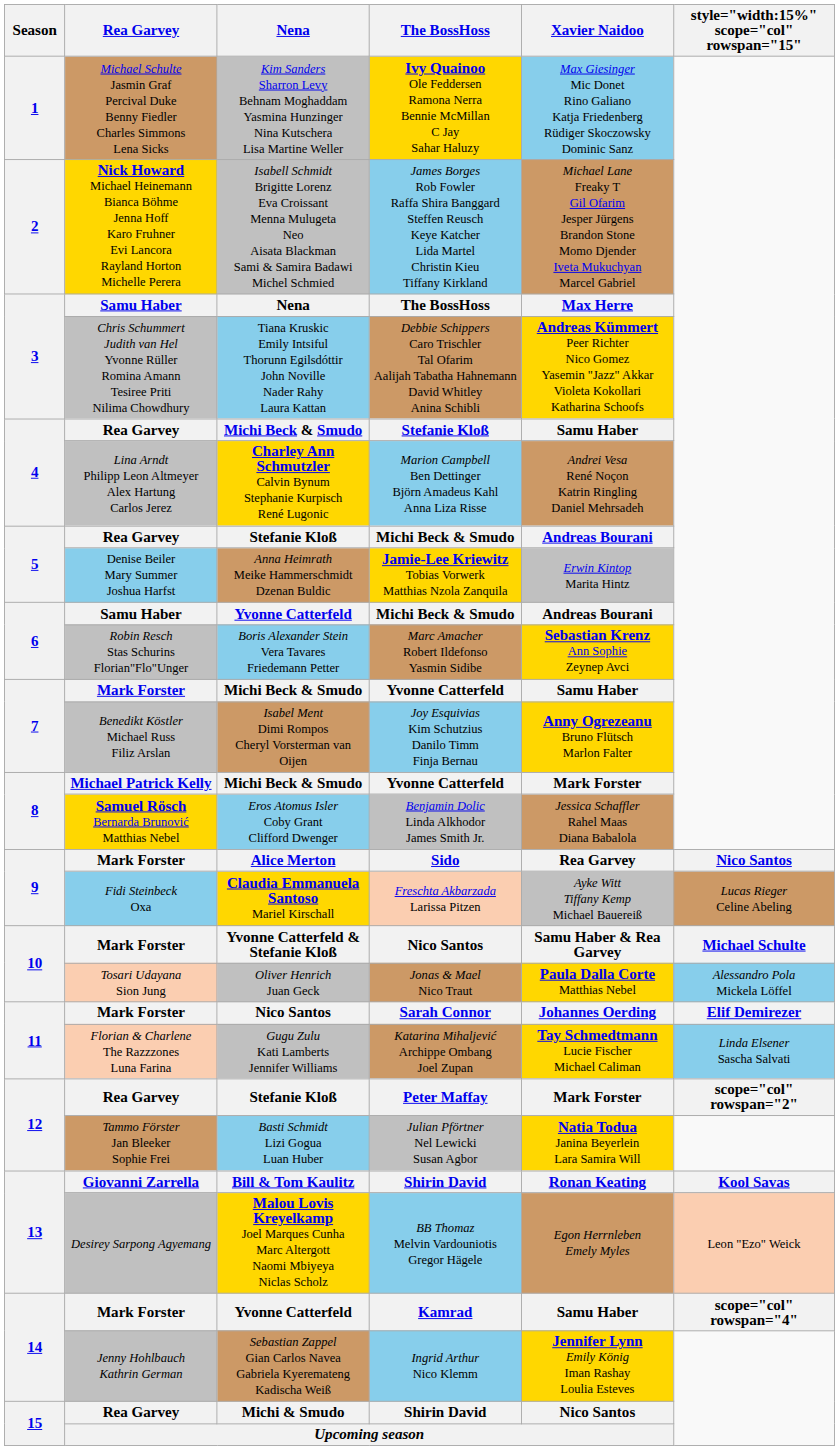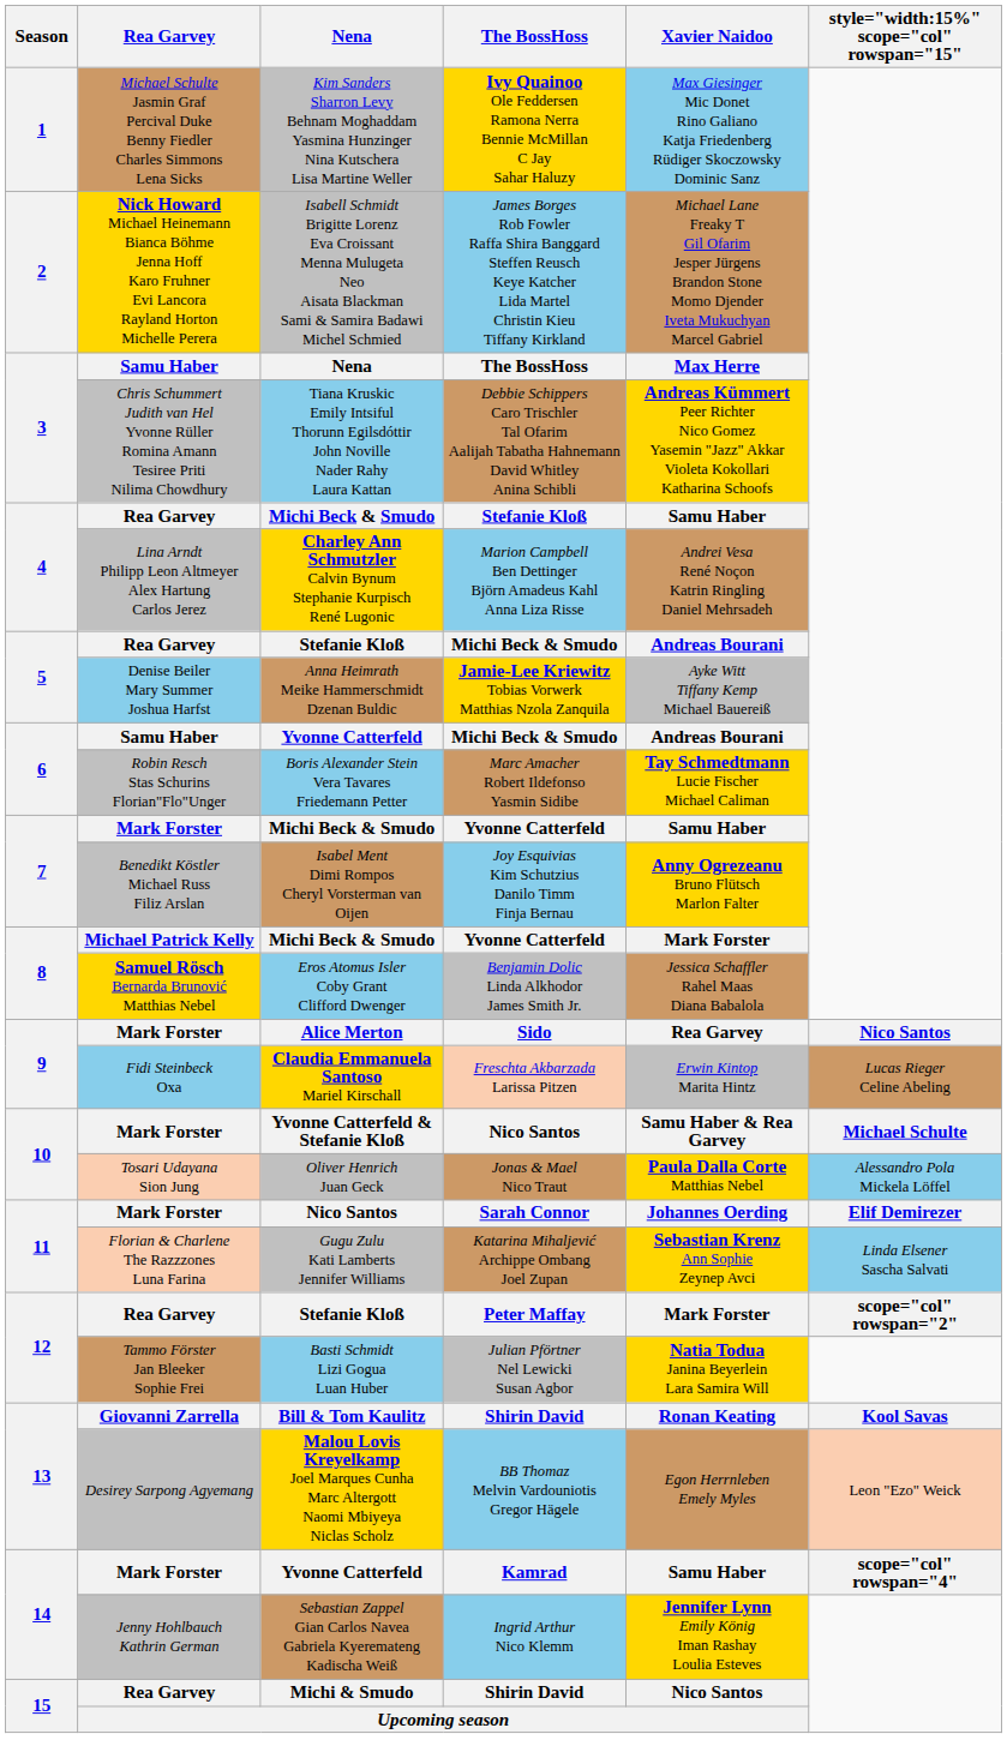 <table class="wikitable" style="text-align:center; line-height:16px; width:100%">
 <tr>
 <th style="width:05%">Season</th>
 <th style="width:15%" scope="col"><a href='#'>Rea Garvey</a></th>
 <th style="width:15%" scope="col"><a href='#'>Nena</a></th>
 <th style="width:15%" scope="col"><a href='#'>The BossHoss</a></th>
 <th style="width:15%" scope="col"><a href='#'>Xavier Naidoo</a></th>
 <th>style="width:15%" scope="col" rowspan="15" </th>
 </tr>
 <tr>
 <th scope="row"><a href='#'>1</a></th>
 <td style="background:#c96"><small><em><a href='#'>Michael Schulte</a></em><br>Jasmin Graf<br>Percival Duke<br>Benny Fiedler<br>Charles Simmons<br>Lena Sicks</small></td>
 <td style="background:silver"><small><em><a href='#'>Kim Sanders</a></em><br><a href='#'>Sharron Levy</a><br>Behnam Moghaddam<br>Yasmina Hunzinger<br>Nina Kutschera<br>Lisa Martine Weller</small></td>
 <td style="background:gold"><strong><a href='#'>Ivy Quainoo</a></strong><br><small>Ole Feddersen<br>Ramona Nerra<br>Bennie McMillan<br>C Jay<br>Sahar Haluzy</small></td>
 <td style="background:skyblue"><small><em><a href='#'>Max Giesinger</a></em><br>Mic Donet<br>Rino Galiano<br>Katja Friedenberg<br>Rüdiger Skoczowsky<br>Dominic Sanz</small></td>
 </tr>
 <tr>
 <th scope="row"><a href='#'>2</a></th>
 <td style="background:gold"><strong><a href='#'>Nick Howard</a></strong><br><small>Michael Heinemann<br>Bianca Böhme<br>Jenna Hoff<br>Karo Fruhner<br>Evi Lancora<br>Rayland Horton<br>Michelle Perera</small></td>
 <td style="background:silver"><small><em>Isabell Schmidt</em><br>Brigitte Lorenz<br>Eva Croissant<br>Menna Mulugeta<br>Neo<br>Aisata Blackman<br>Sami & Samira Badawi<br>Michel Schmied</small></td>
 <td style="background:skyblue"><small><em>James Borges</em><br>Rob Fowler<br>Raffa Shira Banggard<br>Steffen Reusch<br>Keye Katcher<br>Lida Martel<br>Christin Kieu<br>Tiffany Kirkland</small></td>
 <td style="background:#c96"><small><em>Michael Lane</em><br>Freaky T<br><a href='#'>Gil Ofarim</a><br>Jesper Jürgens<br>Brandon Stone<br>Momo Djender<br><a href='#'>Iveta Mukuchyan</a><br>Marcel Gabriel</small></td>
 </tr>
 <tr>
 <th rowspan="2" scope="row"><a href='#'>3</a></th>
 <th scope="col"><a href='#'>Samu Haber</a></th>
 <th scope="col">Nena</th>
 <th scope="col">The BossHoss</th>
 <th scope="col"><a href='#'>Max Herre</a></th>
 </tr>
 <tr>
 <td style="background:silver"><small><em>Chris Schummert</em><br><em>Judith van Hel</em><br>Yvonne Rüller<br>Romina Amann<br>Tesiree Priti<br>Nilima Chowdhury</small></td>
 <td style="background:skyblue"><small>Tiana Kruskic<br>Emily Intsiful<br>Thorunn Egilsdóttir<br>John Noville<br>Nader Rahy<br>Laura Kattan</small></td>
 <td style="background:#c96"><small><em>Debbie Schippers</em><br>Caro Trischler<br>Tal Ofarim<br>Aalijah Tabatha Hahnemann<br>David Whitley<br>Anina Schibli</small></td>
 <td style="background:gold"><strong><a href='#'>Andreas Kümmert</a></strong><br><small>Peer Richter<br>Nico Gomez<br>Yasemin "Jazz" Akkar<br>Violeta Kokollari<br>Katharina Schoofs</small></td>
 </tr>
 <tr>
 <th rowspan="2" scope="row"><a href='#'>4</a></th>
 <th scope="col">Rea Garvey</th>
 <th scope="col"><a href='#'>Michi Beck</a> & <a href='#'>Smudo</a></th>
 <th scope="col"><a href='#'>Stefanie Kloß</a></th>
 <th scope="col">Samu Haber</th>
 </tr>
 <tr>
 <td style="background:silver"><small><em>Lina Arndt</em><br>Philipp Leon Altmeyer<br>Alex Hartung<br>Carlos Jerez</small></td>
 <td style="background:gold"><strong><a href='#'>Charley Ann Schmutzler</a></strong><br><small>Calvin Bynum<br>Stephanie Kurpisch<br>René Lugonic</small></td>
 <td style="background:skyblue"><small><em>Marion Campbell</em><br>Ben Dettinger<br>Björn Amadeus Kahl<br>Anna Liza Risse</small></td>
 <td style="background:#c96"><small><em>Andrei Vesa</em><br>René Noçon<br>Katrin Ringling<br>Daniel Mehrsadeh</small></td>
 </tr>
 <tr>
 <th rowspan="2" scope="row"><a href='#'>5</a></th>
 <th scope="col">Rea Garvey</th>
 <th scope="col">Stefanie Kloß</th>
 <th scope="col">Michi Beck & Smudo</th>
 <th scope="col"><a href='#'>Andreas Bourani</a></th>
 </tr>
 <tr>
 <td style="background:skyblue"><small> Denise Beiler<br>Mary Summer<br>Joshua Harfst</small></td>
 <td style="background:#c96"><small><em>Anna Heimrath</em><br>Meike Hammerschmidt<br>Dzenan Buldic</small></td>
 <td style="background:gold"><strong><a href='#'>Jamie-Lee Kriewitz</a></strong><br><small>Tobias Vorwerk<br>Matthias Nzola Zanquila</small></td>
-<td style="background:silver"><small><em><a href='#'>Erwin Kintop</a></em><br>Marita Hintz</small></td>
+<td style="background:silver"><small><em>Ayke Witt</em><br><em>Tiffany Kemp</em><br>Michael Bauereiß</small></td>
 </tr>
 <tr>
 <th rowspan="2" scope="row"><a href='#'>6</a></th>
 <th scope="col">Samu Haber</th>
 <th scope="col"><a href='#'>Yvonne Catterfeld</a></th>
 <th scope="col">Michi Beck & Smudo</th>
 <th scope="col">Andreas Bourani</th>
 </tr>
 <tr>
 <td style="background:silver"><small><em>Robin Resch</em><br>Stas Schurins<br>Florian"Flo"Unger</small></td>
 <td style="background:skyblue"><small><em>Boris Alexander Stein</em><br>Vera Tavares<br>Friedemann Petter</small></td>
 <td style="background:#c96"><small><em>Marc Amacher</em><br>Robert Ildefonso<br>Yasmin Sidibe</small></td>
-<td style="background:gold"><strong><a href='#'>Sebastian Krenz</a></strong><br><small><a href='#'>Ann Sophie</a><br>Zeynep Avci</small></td>
+<td style="background:gold"><strong><a href='#'>Tay Schmedtmann</a></strong><br><small>Lucie Fischer<br>Michael Caliman</small></td>
 </tr>
 <tr>
 <th rowspan="2" scope="row"><a href='#'>7</a></th>
 <th scope="col"><a href='#'>Mark Forster</a></th>
 <th scope="col">Michi Beck & Smudo</th>
 <th scope="col">Yvonne Catterfeld</th>
 <th scope="col">Samu Haber</th>
 </tr>
 <tr>
 <td style="background:silver"><small><em>Benedikt Köstler</em><br>Michael Russ<br>Filiz Arslan</small></td>
 <td style="background:#c96"><small><em>Isabel Ment</em><br>Dimi Rompos<br>Cheryl Vorsterman van Oijen</small></td>
 <td style="background:skyblue"><small><em>Joy Esquivias</em><br>Kim Schutzius<br>Danilo Timm<br>Finja Bernau</small></td>
 <td style="background:gold"><strong><a href='#'>Anny Ogrezeanu</a></strong><br><small>Bruno Flütsch<br>Marlon Falter</small></td>
 </tr>
 <tr>
 <th rowspan="2" scope="row"><a href='#'>8</a></th>
 <th scope="col"><a href='#'>Michael Patrick Kelly</a></th>
 <th scope="col">Michi Beck & Smudo</th>
 <th scope="col">Yvonne Catterfeld</th>
 <th scope="col">Mark Forster</th>
 </tr>
 <tr>
 <td style="background:gold"><strong><a href='#'>Samuel Rösch</a></strong><br><small><a href='#'>Bernarda Brunović</a><br>Matthias Nebel</small></td>
 <td style="background:skyblue"><small><em>Eros Atomus Isler</em><br>Coby Grant<br>Clifford Dwenger</small></td>
 <td style="background:silver"><small><em><a href='#'>Benjamin Dolic</a></em><br>Linda Alkhodor<br>James Smith Jr.</small></td>
 <td style="background:#c96"><small><em>Jessica Schaffler</em><br>Rahel Maas<br>Diana Babalola</small></td>
 </tr>
 <tr>
 <th rowspan="2" scope="row"><a href='#'>9</a></th>
 <th scope="col">Mark Forster</th>
 <th scope="col"><a href='#'>Alice Merton</a></th>
 <th scope="col"><a href='#'>Sido</a></th>
 <th scope="col">Rea Garvey</th>
 <th scope="col" style="width:15%"><a href='#'>Nico Santos</a></th>
 </tr>
 <tr>
 <td style="background:skyblue"><small><em>Fidi Steinbeck</em><br>Oxa</small></td>
 <td style="background:gold"><strong><a href='#'>Claudia Emmanuela Santoso</a></strong><br><small>Mariel Kirschall</small></td>
 <td style="background:#FBCEB1"><small><em><a href='#'>Freschta Akbarzada</a></em><br>Larissa Pitzen</small></td>
-<td style="background:silver"><small><em>Ayke Witt</em><br><em>Tiffany Kemp</em><br>Michael Bauereiß</small></td>
+<td style="background:silver"><small><em><a href='#'>Erwin Kintop</a></em><br>Marita Hintz</small></td>
 <td style="background:#c96"><small><em>Lucas Rieger</em><br>Celine Abeling</small></td>
 </tr>
 <tr>
 <th rowspan="2" scope="row"><a href='#'>10</a></th>
 <th scope="col">Mark Forster</th>
 <th scope="col">Yvonne Catterfeld & Stefanie Kloß</th>
 <th scope="col">Nico Santos</th>
 <th scope="col">Samu Haber & Rea Garvey</th>
 <th scope="col"><a href='#'>Michael Schulte</a></th>
 </tr>
 <tr>
 <td style="background:#FBCEB1"><small><em>Tosari Udayana</em><br>Sion Jung</small></td>
 <td style="background:silver"><small><em>Oliver Henrich</em><br>Juan Geck</small></td>
 <td style="background:#c96"><small><em>Jonas & Mael</em><br>Nico Traut</small></td>
 <td style="background:gold"><strong><a href='#'>Paula Dalla Corte</a></strong><br><small>Matthias Nebel</small></td>
 <td style="background:skyblue"><small><em>Alessandro Pola</em><br>Mickela Löffel</small></td>
 </tr>
 <tr>
 <th rowspan="2" scope="row"><a href='#'>11</a></th>
 <th scope="col">Mark Forster</th>
 <th scope="col">Nico Santos</th>
 <th scope="col"><a href='#'>Sarah Connor</a></th>
 <th scope="col"><a href='#'>Johannes Oerding</a></th>
 <th scope="col"><a href='#'>Elif Demirezer</a></th>
 </tr>
 <tr>
 <td style="background:#FBCEB1"><small><em>Florian & Charlene</em><br>The Razzzones<br>Luna Farina</small></td>
 <td style="background:silver"><small><em>Gugu Zulu</em><br>Kati Lamberts<br>Jennifer Williams</small></td>
 <td style="background:#c96"><small><em>Katarina Mihaljević</em><br>Archippe Ombang<br>Joel Zupan</small></td>
-<td style="background:gold"><strong><a href='#'>Tay Schmedtmann</a></strong><br><small>Lucie Fischer<br>Michael Caliman</small></td>
+<td style="background:gold"><strong><a href='#'>Sebastian Krenz</a></strong><br><small><a href='#'>Ann Sophie</a><br>Zeynep Avci</small></td>
 <td style="background:skyblue"><small><em>Linda Elsener</em><br>Sascha Salvati</small></td>
 </tr>
 <tr>
 <th rowspan="2" scope="row"><a href='#'>12</a></th>
 <th scope="col">Rea Garvey</th>
 <th scope="col">Stefanie Kloß</th>
 <th scope="col"><a href='#'>Peter Maffay</a></th>
 <th scope="col">Mark Forster</th>
 <th>scope="col" rowspan="2" </th>
 </tr>
 <tr>
 <td style="background:#c96"><small><em>Tammo Förster</em><br>Jan Bleeker<br>Sophie Frei</small></td>
 <td style="background:skyblue"><small><em>Basti Schmidt</em><br>Lizi Gogua<br>Luan Huber</small></td>
 <td style="background:silver"><small><em>Julian Pförtner</em><br>Nel Lewicki<br>Susan Agbor</small></td>
 <td style="background:gold"><strong><a href='#'>Natia Todua</a></strong><br><small>Janina Beyerlein<br>Lara Samira Will</small></td>
 </tr>
 <tr>
 <th rowspan="2" scope="row"><a href='#'>13</a></th>
 <th scope="col"><a href='#'>Giovanni Zarrella</a></th>
 <th scope="col"><a href='#'>Bill & Tom Kaulitz</a></th>
 <th scope="col"><a href='#'>Shirin David</a></th>
 <th scope="col"><a href='#'>Ronan Keating</a></th>
 <th scope="col"><a href='#'>Kool Savas</a></th>
 </tr>
 <tr>
 <td style="background:silver"><small><em>Desirey Sarpong Agyemang</em></small></td>
 <td style="background:gold"><strong><a href='#'>Malou Lovis Kreyelkamp</a></strong><br><small>Joel Marques Cunha<br>Marc Altergott<br>Naomi Mbiyeya<br>Niclas Scholz</small></td>
 <td style="background:skyblue"><small><em>BB Thomaz</em><br>Melvin Vardouniotis<br>Gregor Hägele</small></td>
 <td style="background:#c96"><small><em>Egon Herrnleben<br>Emely Myles</em></small></td>
 <td style="background:#FBCEB1"><small>Leon "Ezo" Weick</small></td>
 </tr>
 <tr>
 <th rowspan=2 scope="col"><a href='#'>14</a></th>
 <th scope="col">Mark Forster</th>
 <th scope="col">Yvonne Catterfeld</th>
 <th scope="col"><a href='#'>Kamrad</a></th>
 <th scope="col">Samu Haber</th>
 <th>scope="col" rowspan="4" </th>
 </tr>
 <tr>
 <td style="background:silver"><small><em>Jenny Hohlbauch</em><br><em>Kathrin German</em></small></td>
 <td style="background:#c96"><small><em>Sebastian Zappel</em><br>Gian Carlos Navea<br>Gabriela Kyeremateng<br>Kadischa Weiß</small></td>
 <td style="background:skyblue"><small><em>Ingrid Arthur</em><br>Nico Klemm</small></td>
 <td style="background:gold"><strong><a href='#'>Jennifer Lynn</a></strong><br><small><em>Emily König</em><br>Iman Rashay<br>Loulia Esteves</small></td>
 </tr>
 <tr>
 <th rowspan=2 scope="col"><a href='#'>15</a></th>
 <th scope="col">Rea Garvey</th>
 <th scope="col">Michi & Smudo</th>
 <th scope="col">Shirin David</th>
 <th scope="col">Nico Santos</th>
 </tr>
 <tr>
 <th colspan=4><em>Upcoming season</em></th>
 </tr>
 </table>
